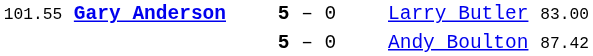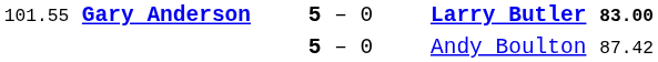 <table style="text-align:center">
 <tr>
 <th width=223></th>
 <th width=100></th>
 <th width=223></th>
 </tr>
 <tr>
 <td align=right><small><span>101.55</span></small> <strong><a href='#'>Gary Anderson</a></strong> </td>
 <td><strong>5</strong> – 0</td>
-<td align=left> <a href='#'>Larry Butler</a> <small><span>83.00</span></small></td>
+<td align=left><strong> <a href='#'>Larry Butler</a> <small><span>83.00</span></small></strong></td>
 </tr>
 <tr>
 <td align=right></td>
 <td><strong>5</strong> – 0</td>
 <td align=left> <a href='#'>Andy Boulton</a> <small><span>87.42</span></small></td>
 </tr>
 </table>
